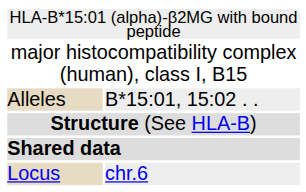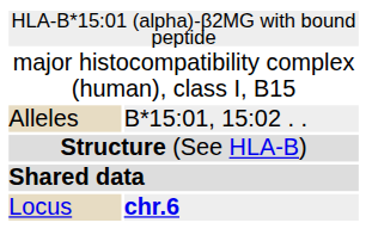 <table id="drugInfoBox" style="float: right; clear: right; margin: 0 0 0.5em 1em; background: #ffffff;" class="toccolours" border=0 cellpadding=0 align="right" width="240px">
 <tr align="center">
 <td colspan="3"></td>
 </tr>
 <tr style="text-align: center; line-height: 0.75;background:#eeeeee">
 <td colspan="3" color="white"><small>HLA-B*15:01 (alpha)-β2MG with bound peptide</small></td>
 </tr>
 <tr>
 <td align="center" colspan="3"><div>major histocompatibility complex (human), class I, B15</div></td>
 </tr>
 <tr>
 <td bgcolor="#e7dcc3">Alleles</td>
 <td colspan = 2  bgcolor="#eeeeee">B*15:01, 15:02 . .</td>
 </tr>
 <tr align="center">
 <td colspan="3" bgcolor="#dddddd"><strong>Structure</strong> (See <a href='#'>HLA-B</a>)</td>
 </tr>
 <tr>
 <td colspan="2" bgcolor="#dddddd"><strong>Shared data</strong></td>
 </tr>
 <tr>
 <td bgcolor="#e7dcc3"><a href='#'>Locus</a></td>
-<td bgcolor="#eeeeee"><a href='#'>chr.6</a> <em></em></td>
+<td bgcolor="#eeeeee"><strong><a href='#'>chr.6</a> <em></em></strong></td>
 </tr>
 </table>
